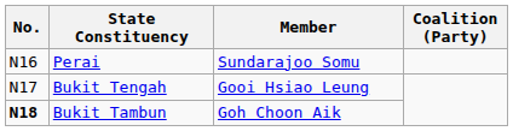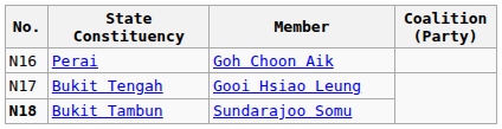 <table class="wikitable">
 <tr>
 <th width="30">No.</th>
 <th width="130">State Constituency</th>
 <th width="150">Member</th>
 <th width="80">Coalition (Party)</th>
 </tr>
 <tr>
 <td>N16</td>
 <td><a href='#'>Perai</a></td>
-<td><a href='#'>Sundarajoo Somu</a></td>
+<td><a href='#'>Goh Choon Aik</a></td>
 <td></td>
 </tr>
 <tr>
 <td>N17</td>
 <td><a href='#'>Bukit Tengah</a></td>
 <td><a href='#'>Gooi Hsiao Leung</a></td>
 <td rowspan=2></td>
 </tr>
 <tr>
 <td><strong>N18</strong></td>
 <td><a href='#'>Bukit Tambun</a></td>
-<td><a href='#'>Goh Choon Aik</a></td>
+<td><a href='#'>Sundarajoo Somu</a></td>
 </tr>
 </table>
